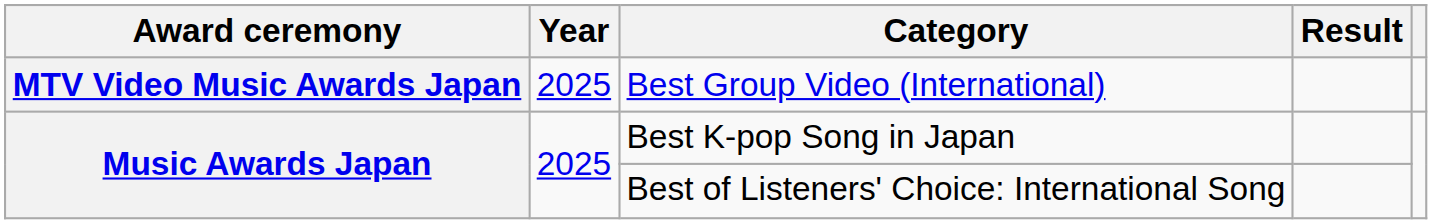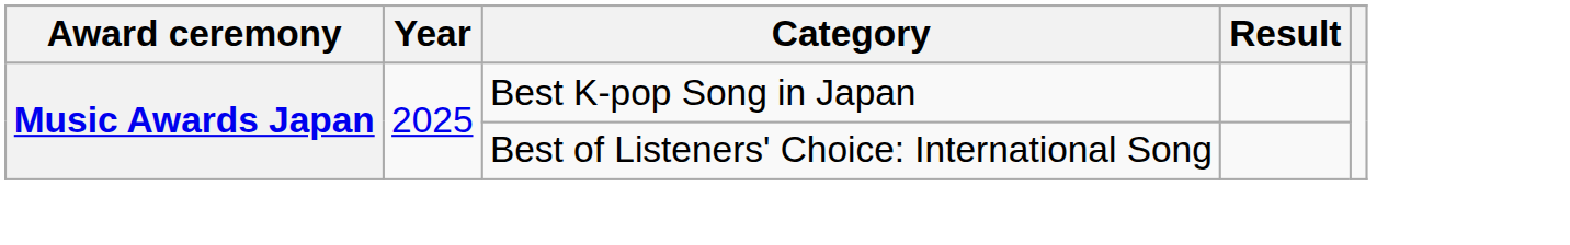 <table class="wikitable plainrowheaders sortable" style="text-align:center">
 <tr>
 <th scope="col">Award ceremony</th>
 <th scope="col">Year</th>
 <th scope="col">Category </th>
 <th scope="col">Result</th>
 <th scope="col" class="unsortable"></th>
-</tr>
-<tr>
-<th scope="row"><a href='#'>MTV Video Music Awards Japan</a></th>
-<td><a href='#'>2025</a></td>
-<td style="text-align:left"><a href='#'>Best Group Video (International)</a></td>
-<td></td>
-<td></td>
 </tr>
 <tr>
 <th scope="row" rowspan="2"><a href='#'>Music Awards Japan</a></th>
 <td rowspan="2"><a href='#'>2025</a></td>
 <td style="text-align:left">Best K-pop Song in Japan</td>
 <td></td>
 <td rowspan="2"></td>
 </tr>
 <tr>
 <td style="text-align:left">Best of Listeners' Choice: International Song</td>
 <td></td>
 </tr>
 </table>
